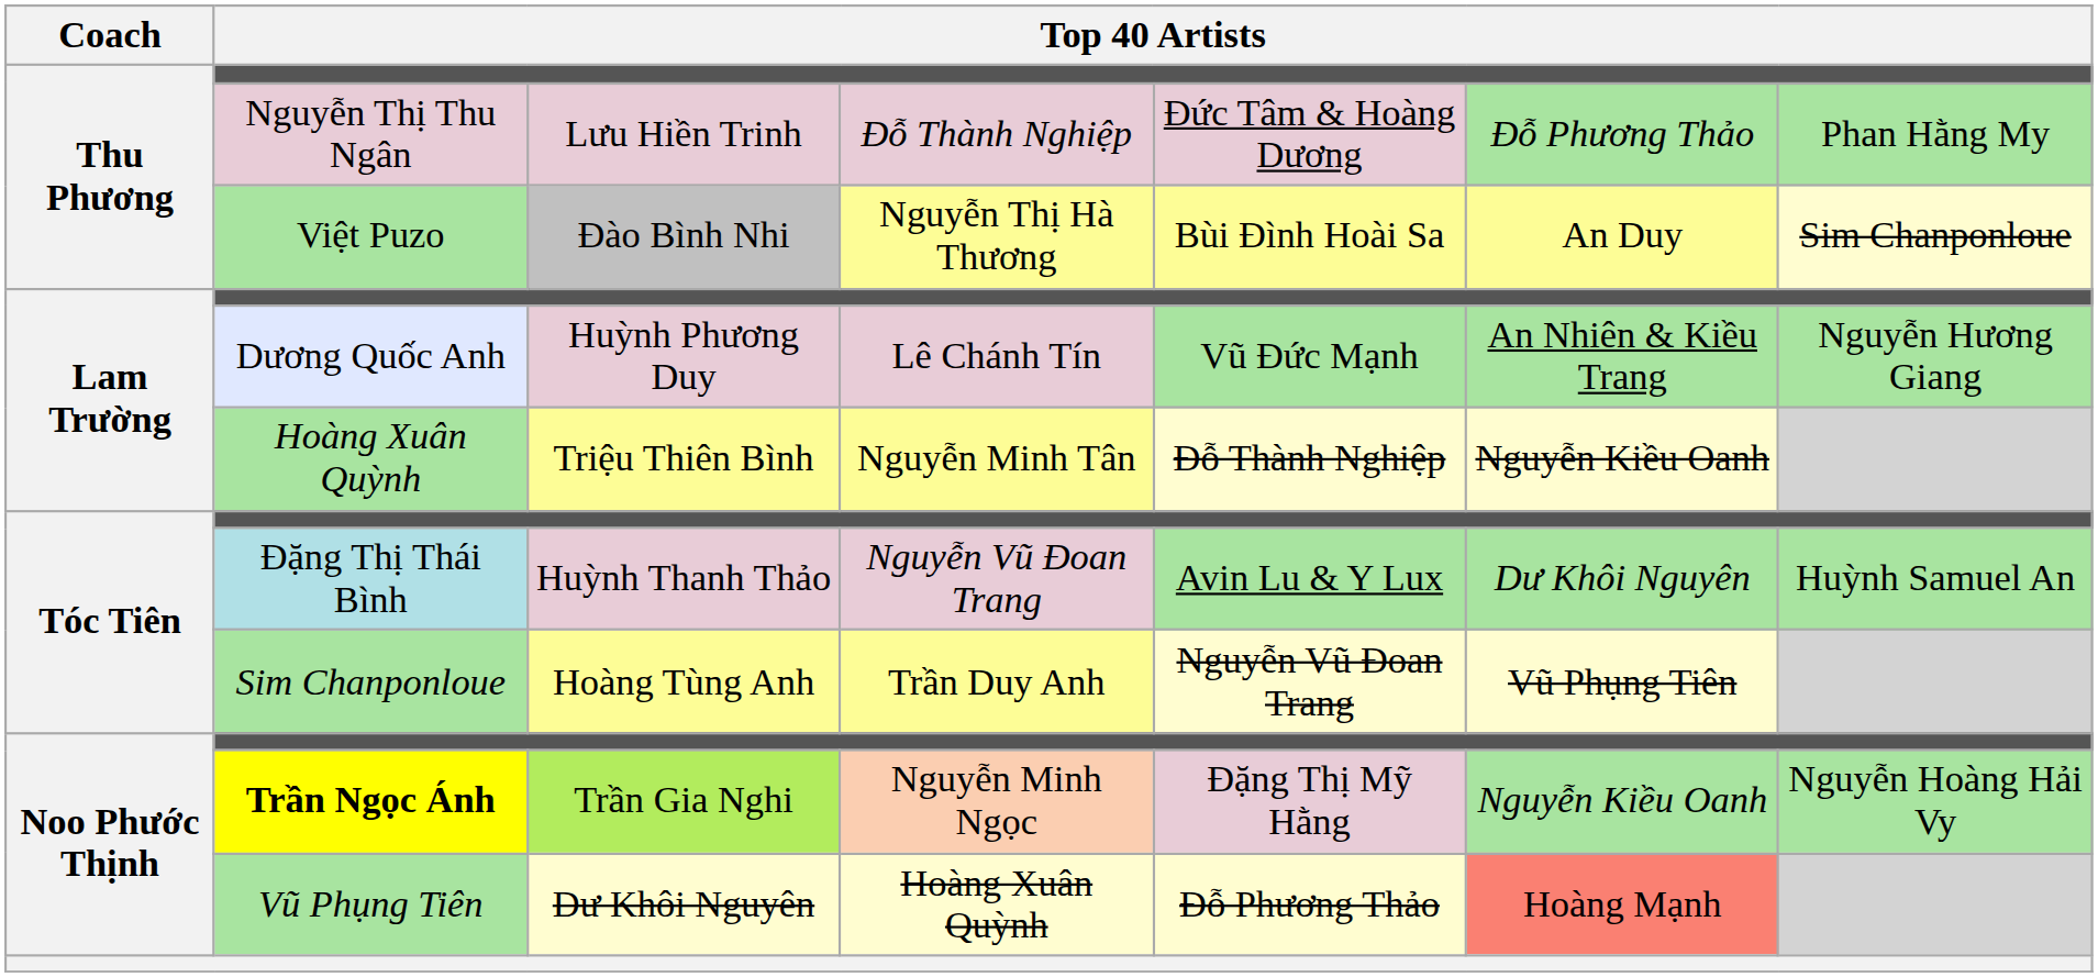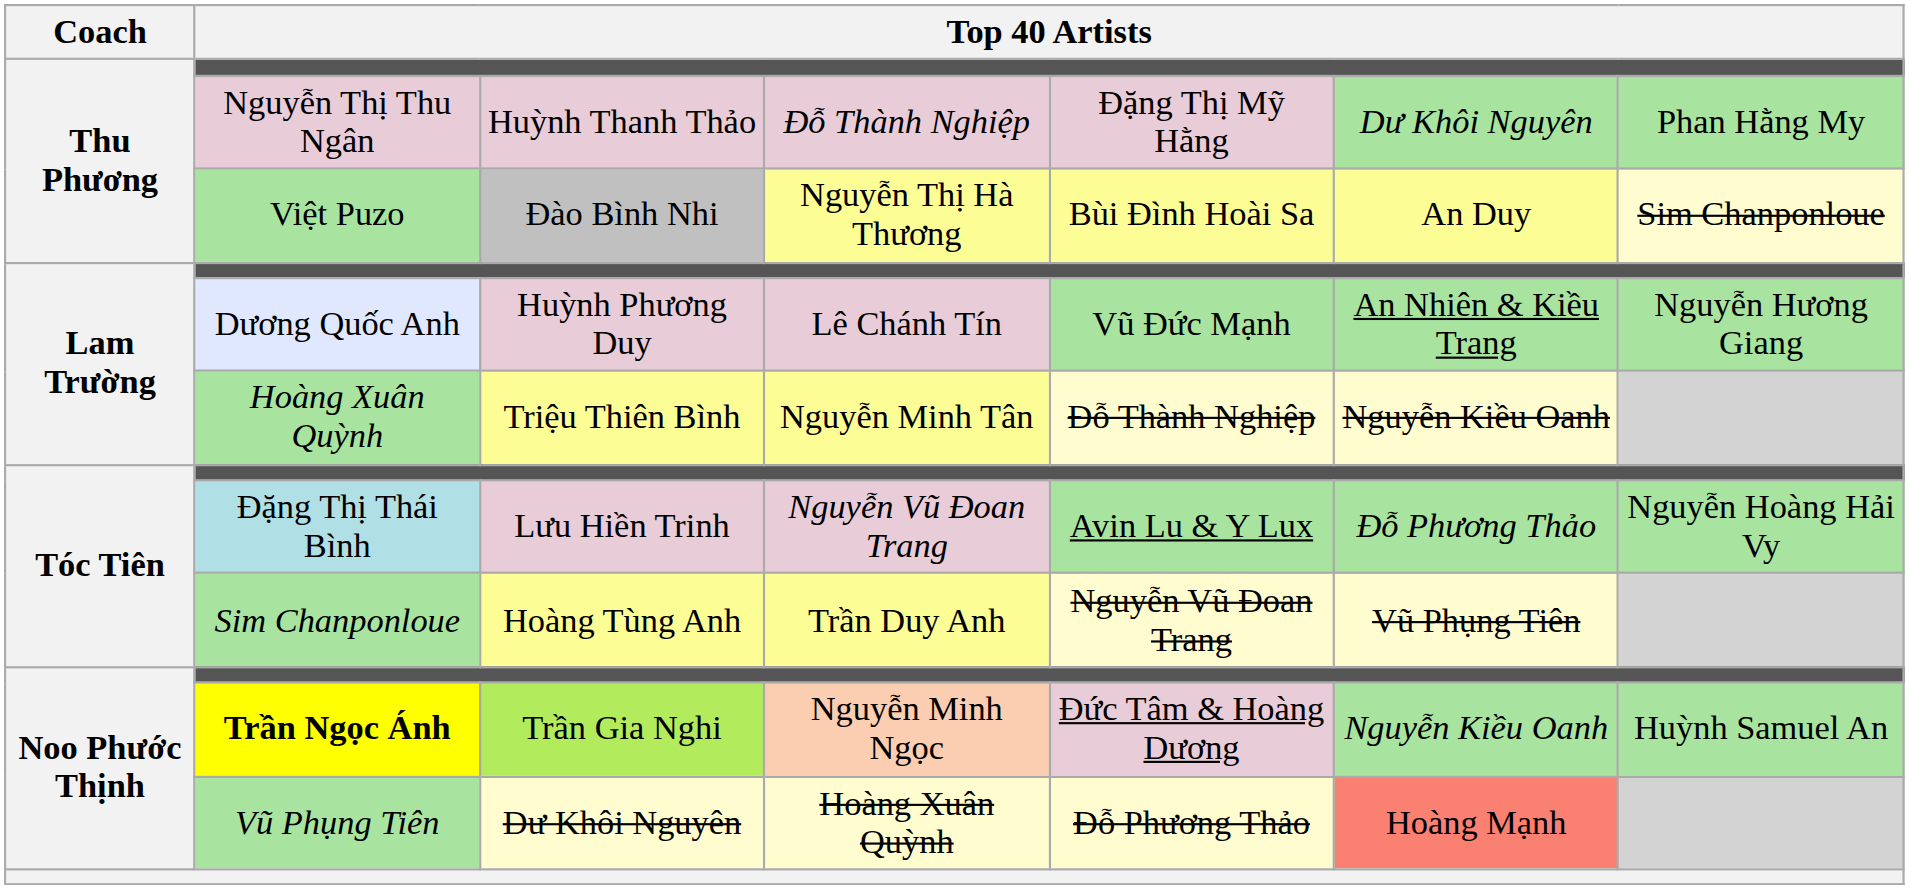 <table class="wikitable" style="text-align:center; width:100%;">
 <tr>
 <th scope="col" style="width:10%;">Coach</th>
 <th scope="col" colspan="6">Top 40 Artists</th>
 </tr>
 <tr>
 <th scope="row" rowspan="3">Thu Phương</th>
 <td colspan="6" style="background:#555;"></td>
 </tr>
 <tr>
 <td style="width:15%" bgcolor="#E8CCD7">Nguyễn Thị Thu Ngân</td>
-<td bgcolor="#E8CCD7">Lưu Hiền Trinh</td>
+<td style="width:15%" bgcolor="#E8CCD7">Huỳnh Thanh Thảo</td>
 <td style="width:15%" bgcolor="#E8CCD7"><em>Đỗ Thành Nghiệp</em></td>
-<td bgcolor="#E8CCD7"><u>Đức Tâm & Hoàng Dương</u></td>
-<td style="width:15%" bgcolor="#A8E4A0"><em>Đỗ Phương Thảo</em></td>
+<td style="width:15%" bgcolor="#E8CCD7">Đặng Thị Mỹ Hằng</td>
+<td bgcolor="#A8E4A0"><em>Dư Khôi Nguyên</em></td>
 <td style="width:15%" bgcolor="#A8E4A0">Phan Hằng My</td>
 </tr>
 <tr>
 <td style="background:#A8E4A0;">Việt Puzo</td>
 <td style="background:silver;">Đào Bình Nhi</td>
 <td style="background:#FDFD96;">Nguyễn Thị Hà Thương</td>
 <td style="background:#FDFD96;">Bùi Đình Hoài Sa</td>
 <td style="background:#FDFD96;">An Duy</td>
 <td style="background:#FFFDD0"><s>Sim Chanponloue</s></td>
 </tr>
 <tr>
 <th scope="row" rowspan="3">Lam Trường</th>
 <td colspan="6" style="background:#555;"></td>
 </tr>
 <tr>
 <td bgcolor="#E0E8FF">Dương Quốc Anh</td>
 <td bgcolor="#E8CCD7">Huỳnh Phương Duy</td>
 <td bgcolor="#E8CCD7">Lê Chánh Tín</td>
 <td bgcolor="#A8E4A0">Vũ Đức Mạnh</td>
 <td bgcolor="#A8E4A0"><u>An Nhiên & Kiều Trang</u></td>
 <td bgcolor="#A8E4A0">Nguyễn Hương Giang</td>
 </tr>
 <tr>
 <td style="background:#A8E4A0;"><em>Hoàng Xuân Quỳnh</em></td>
 <td style="background:#FDFD96;">Triệu Thiên Bình</td>
 <td style="background:#FDFD96;">Nguyễn Minh Tân</td>
 <td style="background:#FFFDD0"><s>Đỗ Thành Nghiệp</s></td>
 <td style="background:#FFFDD0"><s>Nguyễn Kiều Oanh</s></td>
 <td style="background:lightgrey;"></td>
 </tr>
 <tr>
 <th scope="row" rowspan="3">Tóc Tiên</th>
 <td colspan="6" style="background:#555;"></td>
 </tr>
 <tr>
 <td bgcolor="#B0E0E6">Đặng Thị Thái Bình</td>
-<td style="width:15%" bgcolor="#E8CCD7">Huỳnh Thanh Thảo</td>
+<td bgcolor="#E8CCD7">Lưu Hiền Trinh</td>
 <td bgcolor="#E8CCD7"><em>Nguyễn Vũ Đoan Trang</em></td>
 <td bgcolor="#A8E4A0"><u>Avin Lu & Y Lux</u></td>
-<td bgcolor="#A8E4A0"><em>Dư Khôi Nguyên</em></td>
-<td bgcolor="#A8E4A0">Huỳnh Samuel An</td>
+<td style="width:15%" bgcolor="#A8E4A0"><em>Đỗ Phương Thảo</em></td>
+<td bgcolor="#A8E4A0">Nguyễn Hoàng Hải Vy</td>
 </tr>
 <tr>
 <td style="background:#A8E4A0"><em>Sim Chanponloue</em></td>
 <td style="background:#FDFD96;">Hoàng Tùng Anh</td>
 <td style="background:#FDFD96;">Trần Duy Anh</td>
 <td style="background:#FFFDD0"><s>Nguyễn Vũ Đoan Trang</s></td>
 <td style="background:#FFFDD0"><s>Vũ Phụng Tiên</s></td>
 <td style="background:lightgrey;"></td>
 </tr>
 <tr>
 <th scope="row" rowspan="3">Noo Phước Thịnh</th>
 <td colspan="6" style="background:#555;"></td>
 </tr>
 <tr>
 <td bgcolor="yellow"><strong>Trần Ngọc Ánh</strong></td>
 <td bgcolor="#B2EC5D">Trần Gia Nghi</td>
 <td bgcolor="#FBCEB1">Nguyễn Minh Ngọc</td>
-<td style="width:15%" bgcolor="#E8CCD7">Đặng Thị Mỹ Hằng</td>
+<td bgcolor="#E8CCD7"><u>Đức Tâm & Hoàng Dương</u></td>
 <td bgcolor="#A8E4A0"><em>Nguyễn Kiều Oanh</em></td>
-<td bgcolor="#A8E4A0">Nguyễn Hoàng Hải Vy</td>
+<td bgcolor="#A8E4A0">Huỳnh Samuel An</td>
 </tr>
 <tr>
 <td style="background:#A8E4A0;"><em>Vũ Phụng Tiên</em></td>
 <td style="background:#FFFDD0"><s>Dư Khôi Nguyên</s></td>
 <td style="background:#FFFDD0"><s>Hoàng Xuân Quỳnh</s></td>
 <td style="background:#FFFDD0"><s>Đỗ Phương Thảo</s></td>
 <td style="background:salmon">Hoàng Mạnh</td>
 <td style="background:lightgrey;"></td>
 </tr>
 <tr>
 <th style="font-size:90%; line-height:12px;" colspan="7"><small></small></th>
 </tr>
 <tr>
 </tr>
 </table>
